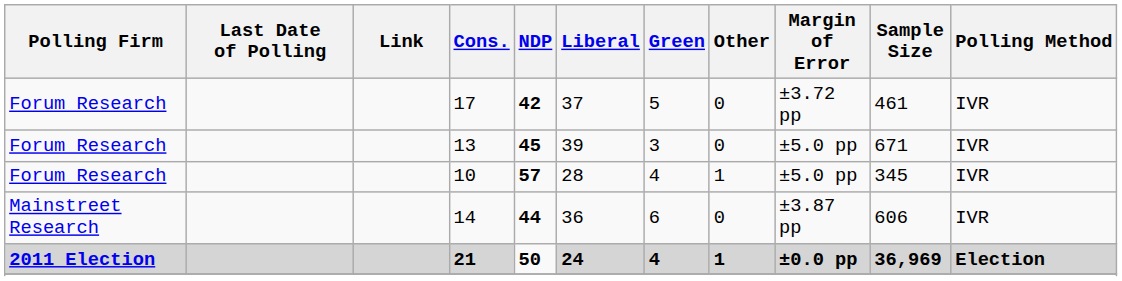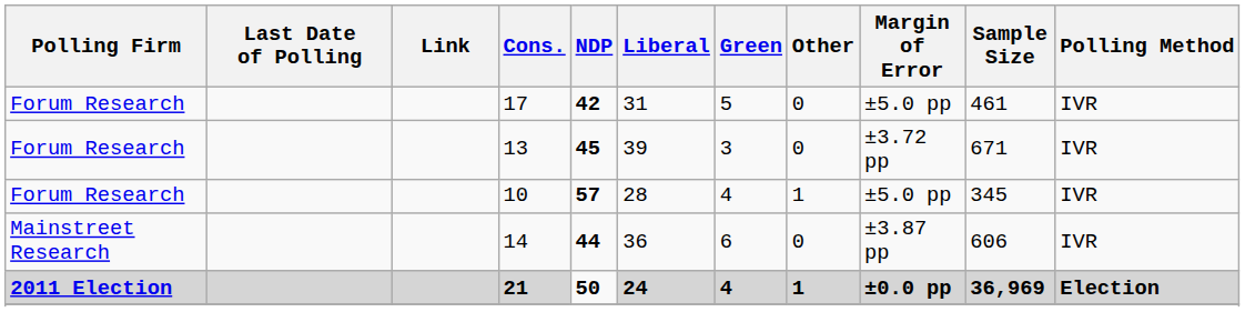 <table class="wikitable sortable">
 <tr style="background:#e9e9e9;">
 <th style="width:120px">Polling Firm</th>
 <th style="width:110px">Last Date<br>of Polling</th>
 <th style="width:60px" class="unsortable">Link</th>
 <th style="background-color:"><strong><a href='#'>Cons.</a></strong></th>
 <th style="background-color:"><strong><a href='#'>NDP</a></strong></th>
 <th style="background-color:"><strong><a href='#'>Liberal</a></strong></th>
 <th style="background-color:"><strong><a href='#'>Green</a></strong></th>
 <th style="background-color:"><strong>Other</strong></th>
 <th style="width:60px;" class=unsortable>Margin<br>of Error</th>
 <th style="width:50px;" class=unsortable>Sample<br>Size</th>
 <th class=unsortable>Polling Method</th>
 </tr>
 <tr>
 <td><a href='#'>Forum Research</a></td>
 <td></td>
 <td></td>
 <td>17</td>
 <td><strong>42</strong></td>
-<td>37</td>
+<td>31</td>
 <td>5</td>
 <td>0</td>
-<td>±3.72 pp</td>
+<td>±5.0 pp</td>
 <td>461</td>
 <td>IVR</td>
 </tr>
 <tr>
 <td><a href='#'>Forum Research</a></td>
 <td></td>
 <td></td>
 <td>13</td>
 <td><strong>45</strong></td>
 <td>39</td>
 <td>3</td>
 <td>0</td>
-<td>±5.0 pp</td>
+<td>±3.72 pp</td>
 <td>671</td>
 <td>IVR</td>
 </tr>
 <tr>
 <td><a href='#'>Forum Research</a></td>
 <td></td>
 <td></td>
 <td>10</td>
 <td><strong>57</strong></td>
 <td>28</td>
 <td>4</td>
 <td>1</td>
 <td>±5.0 pp</td>
 <td>345</td>
 <td>IVR</td>
 </tr>
 <tr>
 <td><a href='#'>Mainstreet Research</a></td>
 <td></td>
 <td></td>
 <td>14</td>
 <td><strong>44</strong></td>
 <td>36</td>
 <td>6</td>
 <td>0</td>
 <td>±3.87 pp</td>
 <td>606</td>
 <td>IVR</td>
 </tr>
 <tr>
 <td style="background:#D5D5D5"><strong><a href='#'>2011 Election</a></strong></td>
 <td style="background:#D5D5D5"><strong></strong></td>
 <td style="background:#D5D5D5"></td>
 <td style="background:#D5D5D5"><strong>21</strong></td>
 <td><strong>50</strong></td>
 <td style="background:#D5D5D5"><strong>24</strong></td>
 <td style="background:#D5D5D5"><strong>4</strong></td>
 <td style="background:#D5D5D5"><strong>1</strong></td>
 <td style="background:#D5D5D5"><strong>±0.0 pp</strong></td>
 <td style="background:#D5D5D5"><strong>36,969</strong></td>
 <td style="background:#D5D5D5"><strong>Election</strong></td>
 </tr>
 <tr>
 </tr>
 <tr>
 </tr>
 </table>
